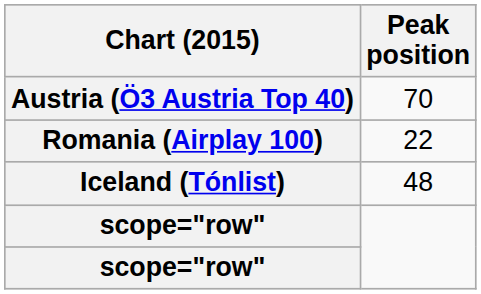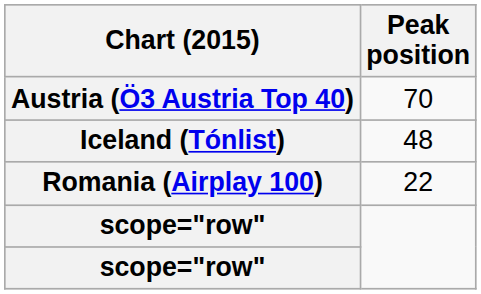 <table class="wikitable sortable plainrowheaders" style="text-align:center">
 <tr>
 <th>Chart (2015)</th>
 <th>Peak<br>position</th>
 </tr>
 <tr>
 <th scope="row">Austria (<a href='#'>Ö3 Austria Top 40</a>)</th>
 <td>70</td>
 </tr>
 <tr>
+<th scope="row">Iceland (<a href='#'>Tónlist</a>)</th>
+<td>48</td>
+</tr>
+<tr>
 <th scope="row">Romania (<a href='#'>Airplay 100</a>)</th>
 <td>22</td>
-</tr>
-<tr>
-<th scope="row">Iceland (<a href='#'>Tónlist</a>)</th>
-<td>48</td>
 </tr>
 <tr>
 <th>scope="row"</th>
 </tr>
 <tr>
 <th>scope="row"</th>
 </tr>
 </table>
